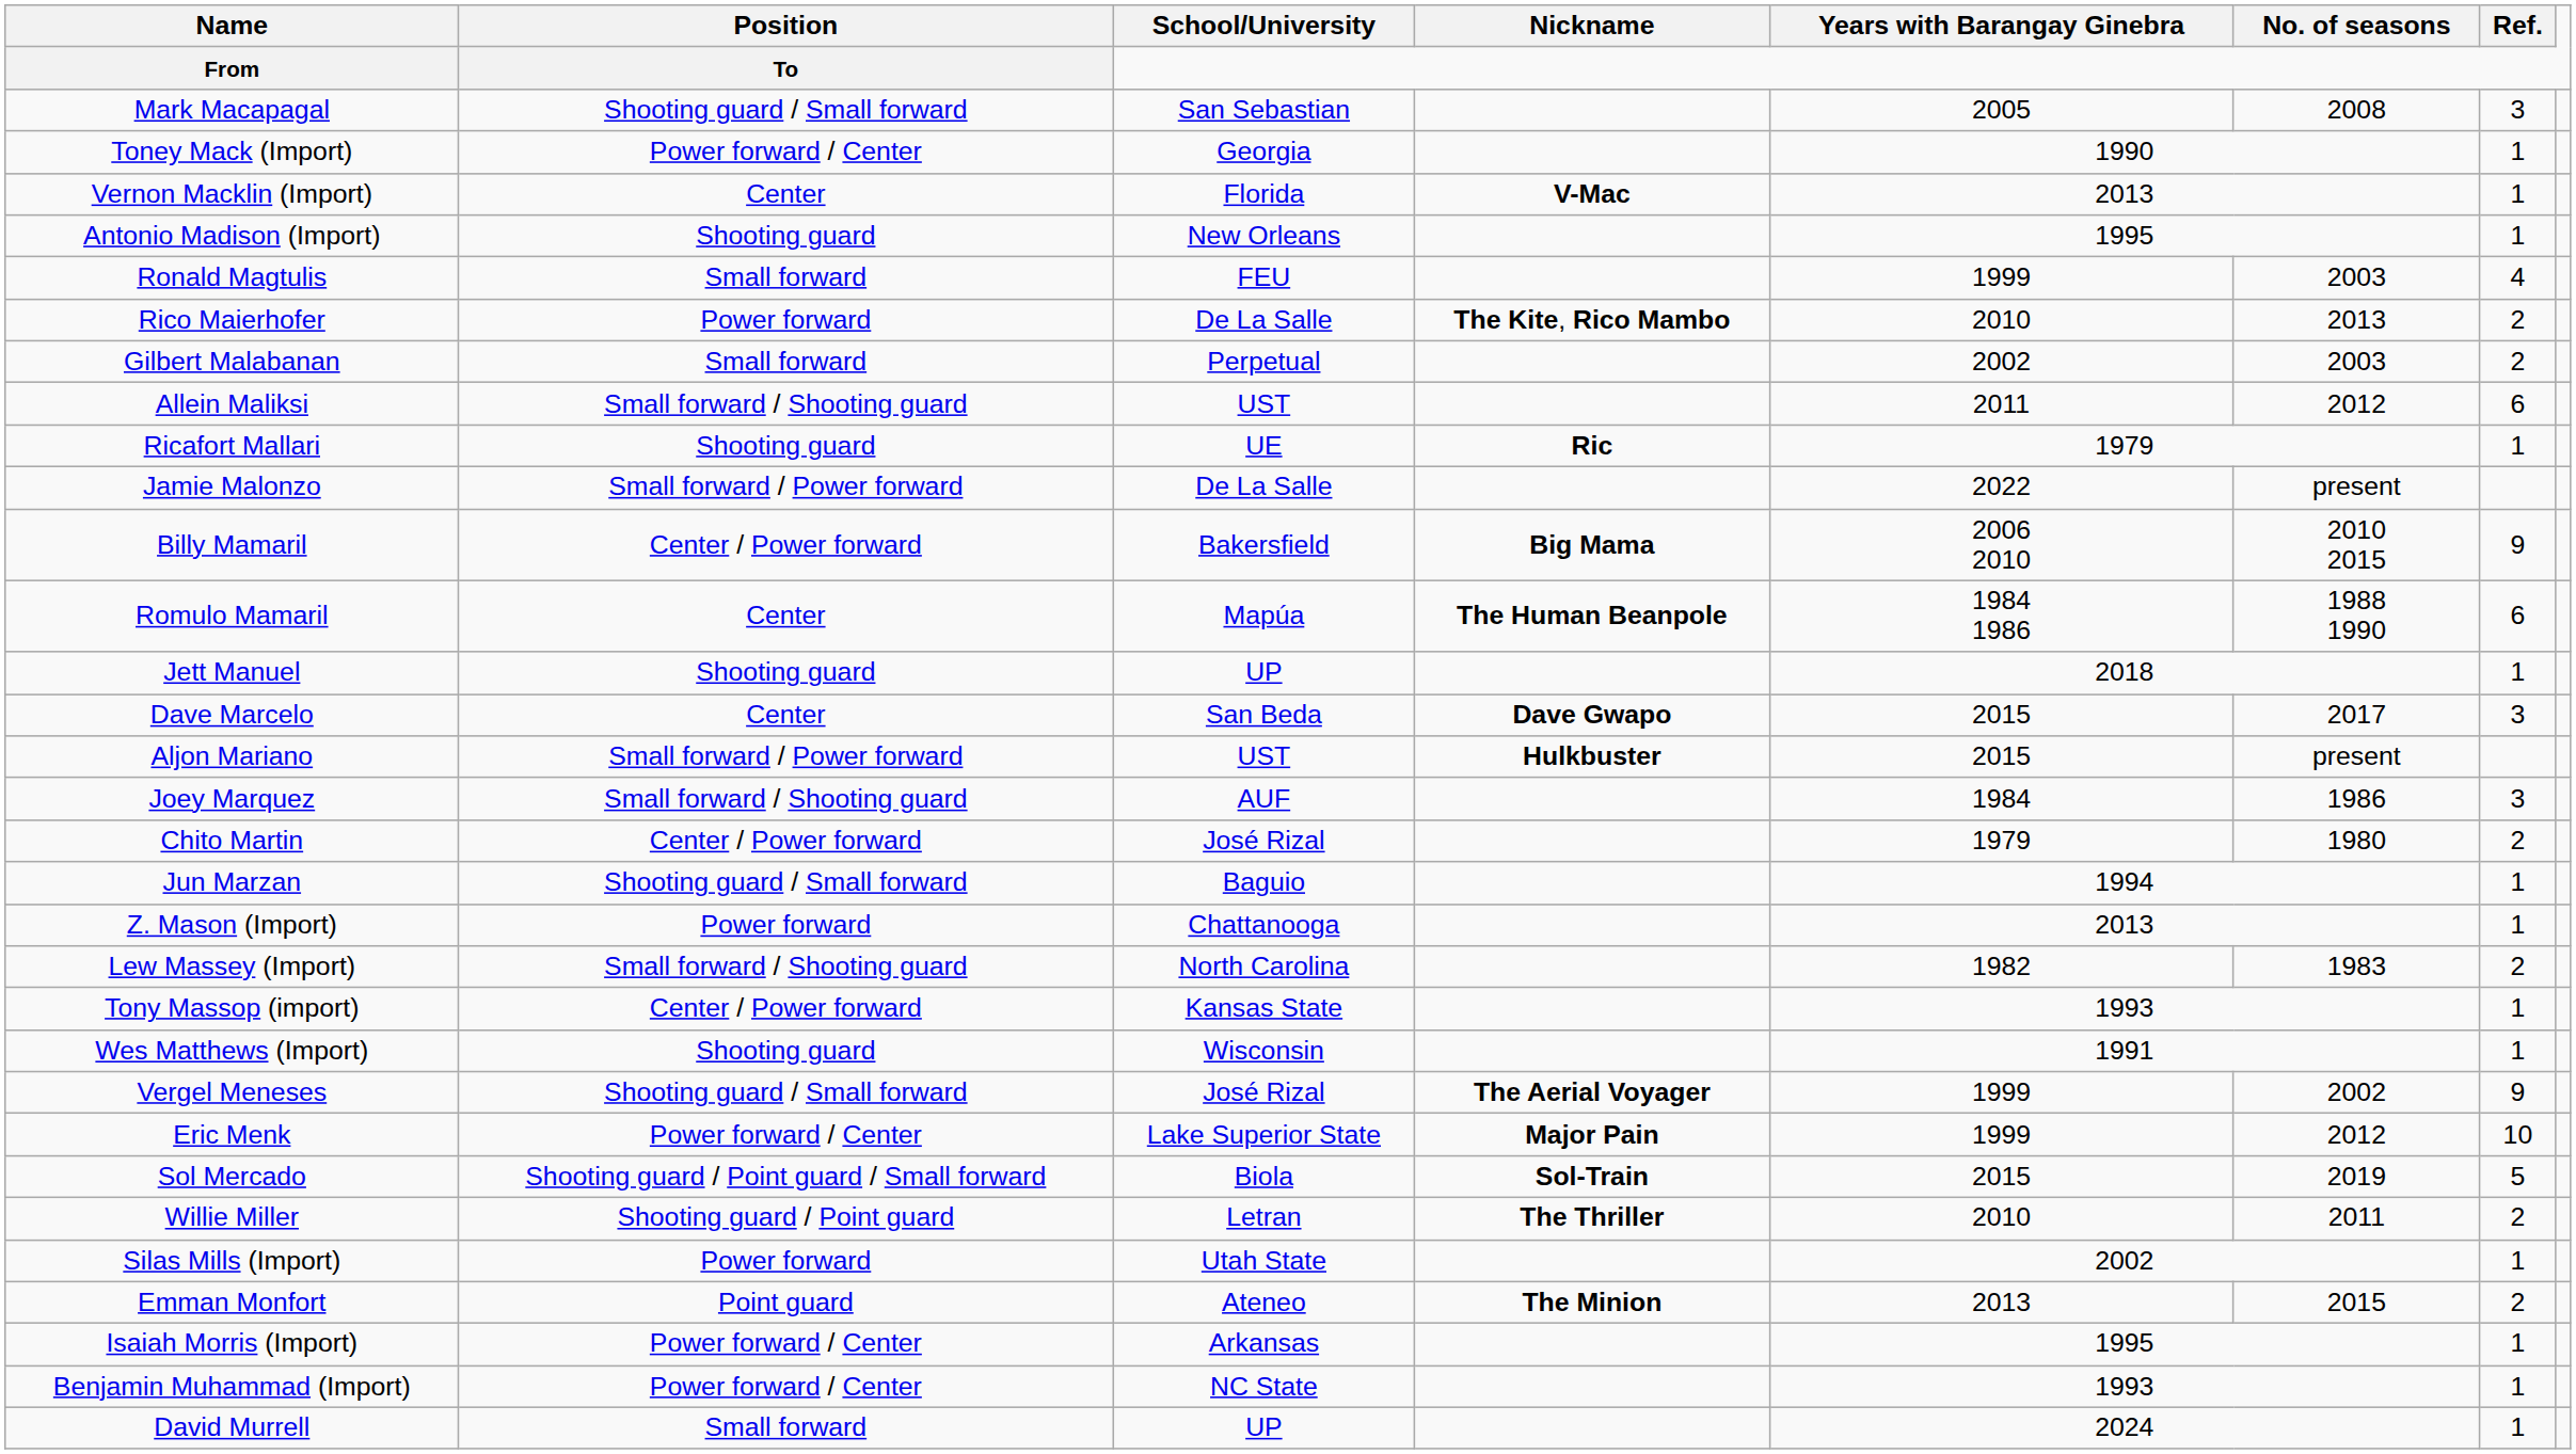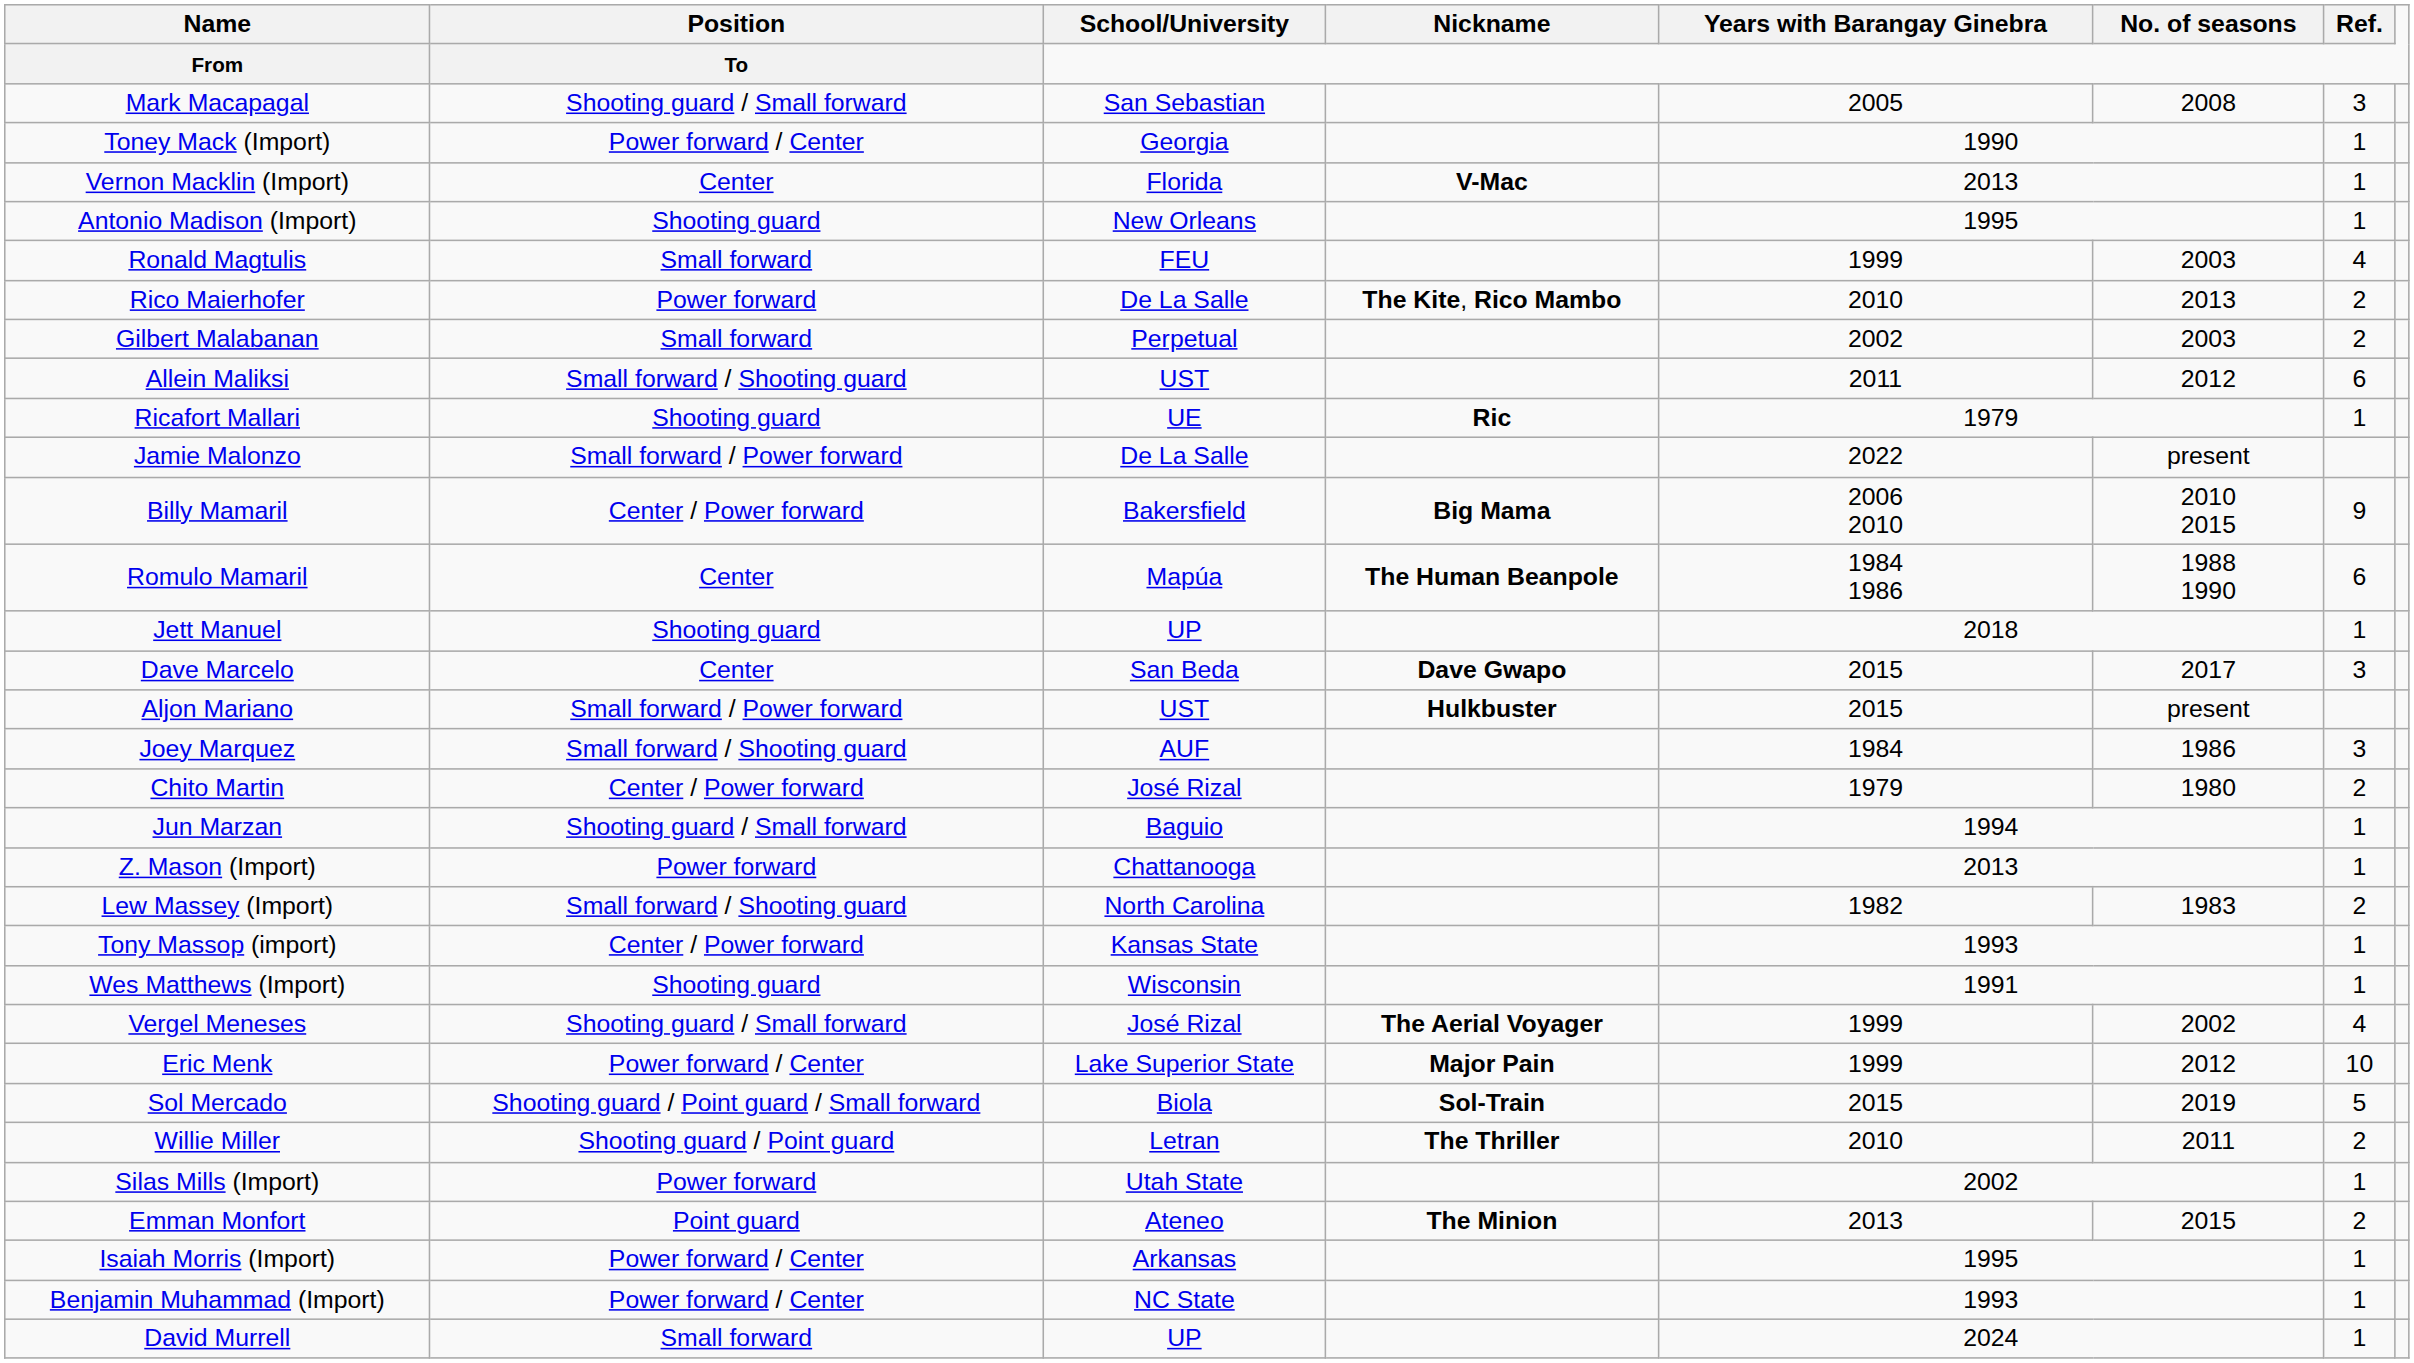 <table class="wikitable sortable" style="text-align:center" width="98%">
 <tr>
 <th>Name</th>
 <th>Position</th>
 <th>School/University</th>
 <th>Nickname</th>
 <th>Years with Barangay Ginebra</th>
 <th>No. of seasons</th>
 <th>Ref.</th>
 </tr>
 <tr>
 <th><small>From</small></th>
 <th><small>To</small></th>
 </tr>
 <tr>
 <td><a href='#'>Mark Macapagal</a></td>
 <td><a href='#'>Shooting guard</a> / <a href='#'>Small forward</a></td>
 <td><a href='#'>San Sebastian</a></td>
 <td></td>
 <td>2005</td>
 <td>2008</td>
 <td>3</td>
 <td></td>
 </tr>
 <tr>
 <td><a href='#'>Toney Mack</a> (Import)</td>
 <td><a href='#'>Power forward</a> / <a href='#'>Center</a></td>
 <td><a href='#'>Georgia</a></td>
 <td></td>
 <td colspan="2">1990</td>
 <td>1</td>
 <td></td>
 </tr>
 <tr>
 <td><a href='#'>Vernon Macklin</a> (Import)</td>
 <td><a href='#'>Center</a></td>
 <td><a href='#'>Florida</a></td>
 <td><strong>V-Mac</strong></td>
 <td colspan="2">2013</td>
 <td>1</td>
 <td></td>
 </tr>
 <tr>
 <td><a href='#'>Antonio Madison</a> (Import)</td>
 <td><a href='#'>Shooting guard</a></td>
 <td><a href='#'>New Orleans</a></td>
 <td></td>
 <td colspan="2">1995</td>
 <td>1</td>
 <td></td>
 </tr>
 <tr>
 <td><a href='#'>Ronald Magtulis</a></td>
 <td><a href='#'>Small forward</a></td>
 <td><a href='#'>FEU</a></td>
 <td></td>
 <td>1999</td>
 <td>2003</td>
 <td>4</td>
 <td></td>
 </tr>
 <tr>
 <td><a href='#'>Rico Maierhofer</a></td>
 <td><a href='#'>Power forward</a></td>
 <td><a href='#'>De La Salle</a></td>
 <td><strong>The Kite</strong>, <strong>Rico Mambo</strong></td>
 <td>2010</td>
 <td>2013</td>
 <td>2</td>
 <td></td>
 </tr>
 <tr>
 <td><a href='#'>Gilbert Malabanan</a></td>
 <td><a href='#'>Small forward</a></td>
 <td><a href='#'>Perpetual</a></td>
 <td></td>
 <td>2002</td>
 <td>2003</td>
 <td>2</td>
 <td></td>
 </tr>
 <tr>
 <td><a href='#'>Allein Maliksi</a></td>
 <td><a href='#'>Small forward</a> / <a href='#'>Shooting guard</a></td>
 <td><a href='#'>UST</a></td>
 <td></td>
 <td>2011</td>
 <td>2012</td>
 <td>6</td>
 <td></td>
 </tr>
 <tr>
 <td><a href='#'>Ricafort Mallari</a></td>
 <td><a href='#'>Shooting guard</a></td>
 <td><a href='#'>UE</a></td>
 <td><strong>Ric</strong></td>
 <td colspan="2">1979</td>
 <td>1</td>
 <td></td>
 </tr>
 <tr>
 <td><a href='#'>Jamie Malonzo</a></td>
 <td><a href='#'>Small forward</a> / <a href='#'>Power forward</a></td>
 <td><a href='#'>De La Salle</a></td>
 <td></td>
 <td>2022</td>
 <td>present</td>
 <td></td>
 <td></td>
 </tr>
 <tr>
 <td><a href='#'>Billy Mamaril</a></td>
 <td><a href='#'>Center</a> / <a href='#'>Power forward</a></td>
 <td><a href='#'>Bakersfield</a></td>
 <td><strong>Big Mama</strong></td>
 <td>2006<br>2010</td>
 <td>2010<br>2015</td>
 <td>9</td>
 <td></td>
 </tr>
 <tr>
 <td><a href='#'>Romulo Mamaril</a></td>
 <td><a href='#'>Center</a></td>
 <td><a href='#'>Mapúa</a></td>
 <td><strong>The Human Beanpole</strong></td>
 <td>1984 <br> 1986</td>
 <td>1988 <br> 1990</td>
 <td>6</td>
 <td></td>
 </tr>
 <tr>
 <td><a href='#'>Jett Manuel</a></td>
 <td><a href='#'>Shooting guard</a></td>
 <td><a href='#'>UP</a></td>
 <td></td>
 <td colspan="2">2018</td>
 <td>1</td>
 <td></td>
 </tr>
 <tr>
 <td><a href='#'>Dave Marcelo</a></td>
 <td><a href='#'>Center</a></td>
 <td><a href='#'>San Beda</a></td>
 <td><strong>Dave Gwapo</strong></td>
 <td>2015</td>
 <td>2017</td>
 <td>3</td>
 <td></td>
 </tr>
 <tr>
 <td><a href='#'>Aljon Mariano</a></td>
 <td><a href='#'>Small forward</a> / <a href='#'>Power forward</a></td>
 <td><a href='#'>UST</a></td>
 <td><strong>Hulkbuster</strong></td>
 <td>2015</td>
 <td>present</td>
 <td></td>
 <td></td>
 </tr>
 <tr>
 <td><a href='#'>Joey Marquez</a></td>
 <td><a href='#'>Small forward</a> / <a href='#'>Shooting guard</a></td>
 <td><a href='#'>AUF</a></td>
 <td></td>
 <td>1984</td>
 <td>1986</td>
 <td>3</td>
 <td></td>
 </tr>
 <tr>
 <td><a href='#'>Chito Martin</a></td>
 <td><a href='#'>Center</a> / <a href='#'>Power forward</a></td>
 <td><a href='#'>José Rizal</a></td>
 <td></td>
 <td>1979</td>
 <td>1980</td>
 <td>2</td>
 <td></td>
 </tr>
 <tr>
 <td><a href='#'>Jun Marzan</a></td>
 <td><a href='#'>Shooting guard</a> / <a href='#'>Small forward</a></td>
 <td><a href='#'>Baguio</a></td>
 <td></td>
 <td colspan="2">1994</td>
 <td>1</td>
 <td></td>
 </tr>
 <tr>
 <td><a href='#'>Z. Mason</a> (Import)</td>
 <td><a href='#'>Power forward</a></td>
 <td><a href='#'>Chattanooga</a></td>
 <td></td>
 <td colspan="2">2013</td>
 <td>1</td>
 <td></td>
 </tr>
 <tr>
 <td><a href='#'>Lew Massey</a> (Import)</td>
 <td><a href='#'>Small forward</a> / <a href='#'>Shooting guard</a></td>
 <td><a href='#'>North Carolina</a></td>
 <td></td>
 <td>1982</td>
 <td>1983</td>
 <td>2</td>
 <td></td>
 </tr>
 <tr>
 <td><a href='#'>Tony Massop</a> (import)</td>
 <td><a href='#'>Center</a> / <a href='#'>Power forward</a></td>
 <td><a href='#'>Kansas State</a></td>
 <td></td>
 <td colspan="2">1993</td>
 <td>1</td>
 <td></td>
 </tr>
 <tr>
 <td><a href='#'>Wes Matthews</a> (Import)</td>
 <td><a href='#'>Shooting guard</a></td>
 <td><a href='#'>Wisconsin</a></td>
 <td></td>
 <td colspan="2">1991</td>
 <td>1</td>
 <td></td>
 </tr>
 <tr>
 <td><a href='#'>Vergel Meneses</a></td>
 <td><a href='#'>Shooting guard</a> / <a href='#'>Small forward</a></td>
 <td><a href='#'>José Rizal</a></td>
 <td><strong>The Aerial Voyager</strong></td>
 <td>1999</td>
 <td>2002</td>
-<td>9</td>
+<td>4</td>
 <td></td>
 </tr>
 <tr>
 <td><a href='#'>Eric Menk</a></td>
 <td><a href='#'>Power forward</a> / <a href='#'>Center</a></td>
 <td><a href='#'>Lake Superior State</a></td>
 <td><strong>Major Pain</strong></td>
 <td>1999</td>
 <td>2012</td>
 <td>10</td>
 <td></td>
 </tr>
 <tr>
 <td><a href='#'>Sol Mercado</a></td>
 <td><a href='#'>Shooting guard</a> / <a href='#'>Point guard</a> / <a href='#'>Small forward</a></td>
 <td><a href='#'>Biola</a></td>
 <td><strong>Sol-Train</strong></td>
 <td>2015</td>
 <td>2019</td>
 <td>5</td>
 <td></td>
 </tr>
 <tr>
 <td><a href='#'>Willie Miller</a></td>
 <td><a href='#'>Shooting guard</a> / <a href='#'>Point guard</a></td>
 <td><a href='#'>Letran</a></td>
 <td><strong>The Thriller</strong></td>
 <td>2010</td>
 <td>2011</td>
 <td>2</td>
 <td></td>
 </tr>
 <tr>
 <td><a href='#'>Silas Mills</a> (Import)</td>
 <td><a href='#'>Power forward</a></td>
 <td><a href='#'>Utah State</a></td>
 <td></td>
 <td colspan="2">2002</td>
 <td>1</td>
 <td></td>
 </tr>
 <tr>
 <td><a href='#'>Emman Monfort</a></td>
 <td><a href='#'>Point guard</a></td>
 <td><a href='#'>Ateneo</a></td>
 <td><strong>The Minion</strong></td>
 <td>2013</td>
 <td>2015</td>
 <td>2</td>
 <td></td>
 </tr>
 <tr>
 <td><a href='#'>Isaiah Morris</a> (Import)</td>
 <td><a href='#'>Power forward</a> / <a href='#'>Center</a></td>
 <td><a href='#'>Arkansas</a></td>
 <td></td>
 <td colspan="2">1995</td>
 <td>1</td>
 <td></td>
 </tr>
 <tr>
 <td><a href='#'>Benjamin Muhammad</a> (Import)</td>
 <td><a href='#'>Power forward</a> / <a href='#'>Center</a></td>
 <td><a href='#'>NC State</a></td>
 <td></td>
 <td colspan="2">1993</td>
 <td>1</td>
 <td></td>
 </tr>
 <tr>
 <td><a href='#'>David Murrell</a></td>
 <td><a href='#'>Small forward</a></td>
 <td><a href='#'>UP</a></td>
 <td></td>
 <td colspan="2">2024</td>
 <td>1</td>
 <td></td>
 </tr>
 </table>
